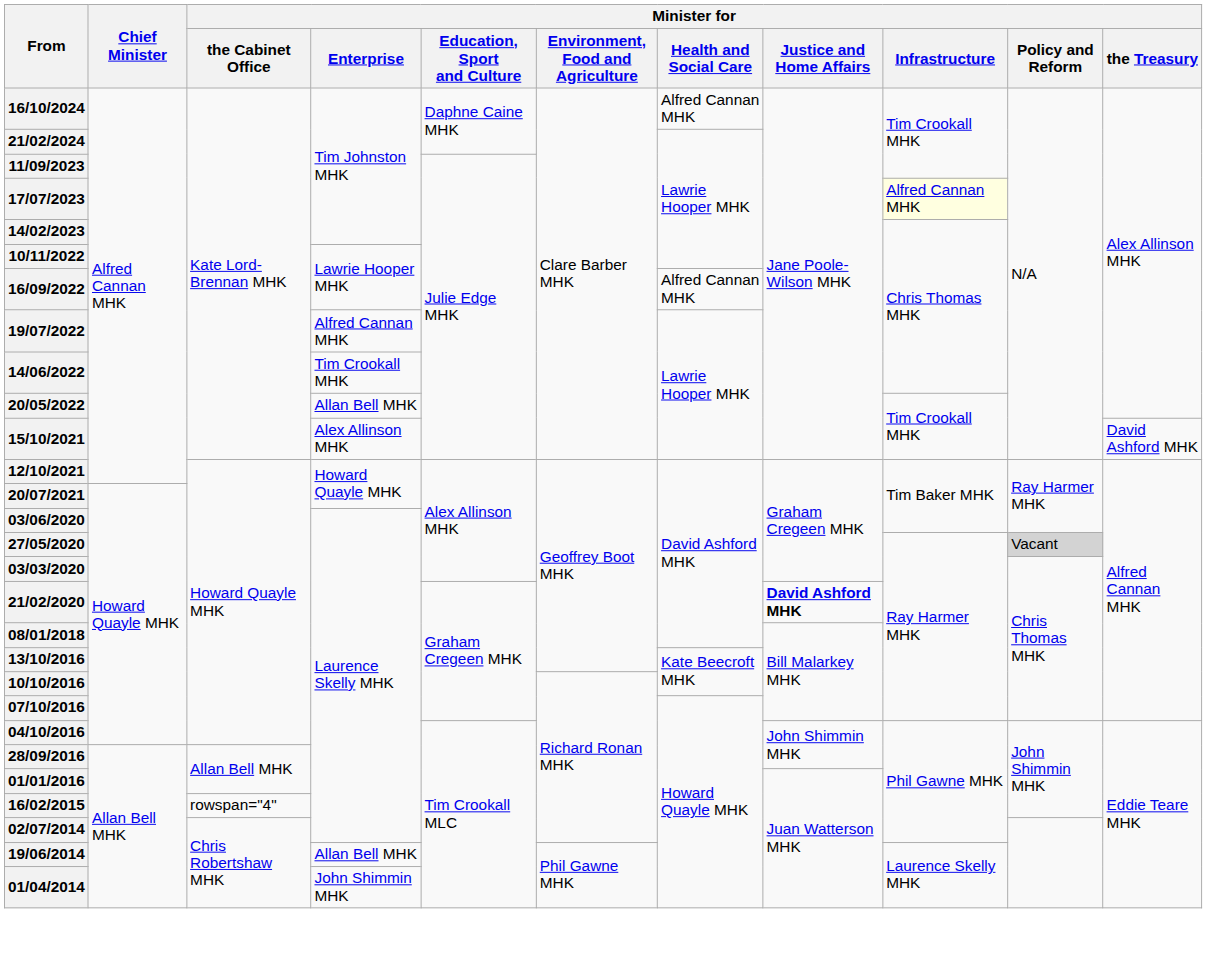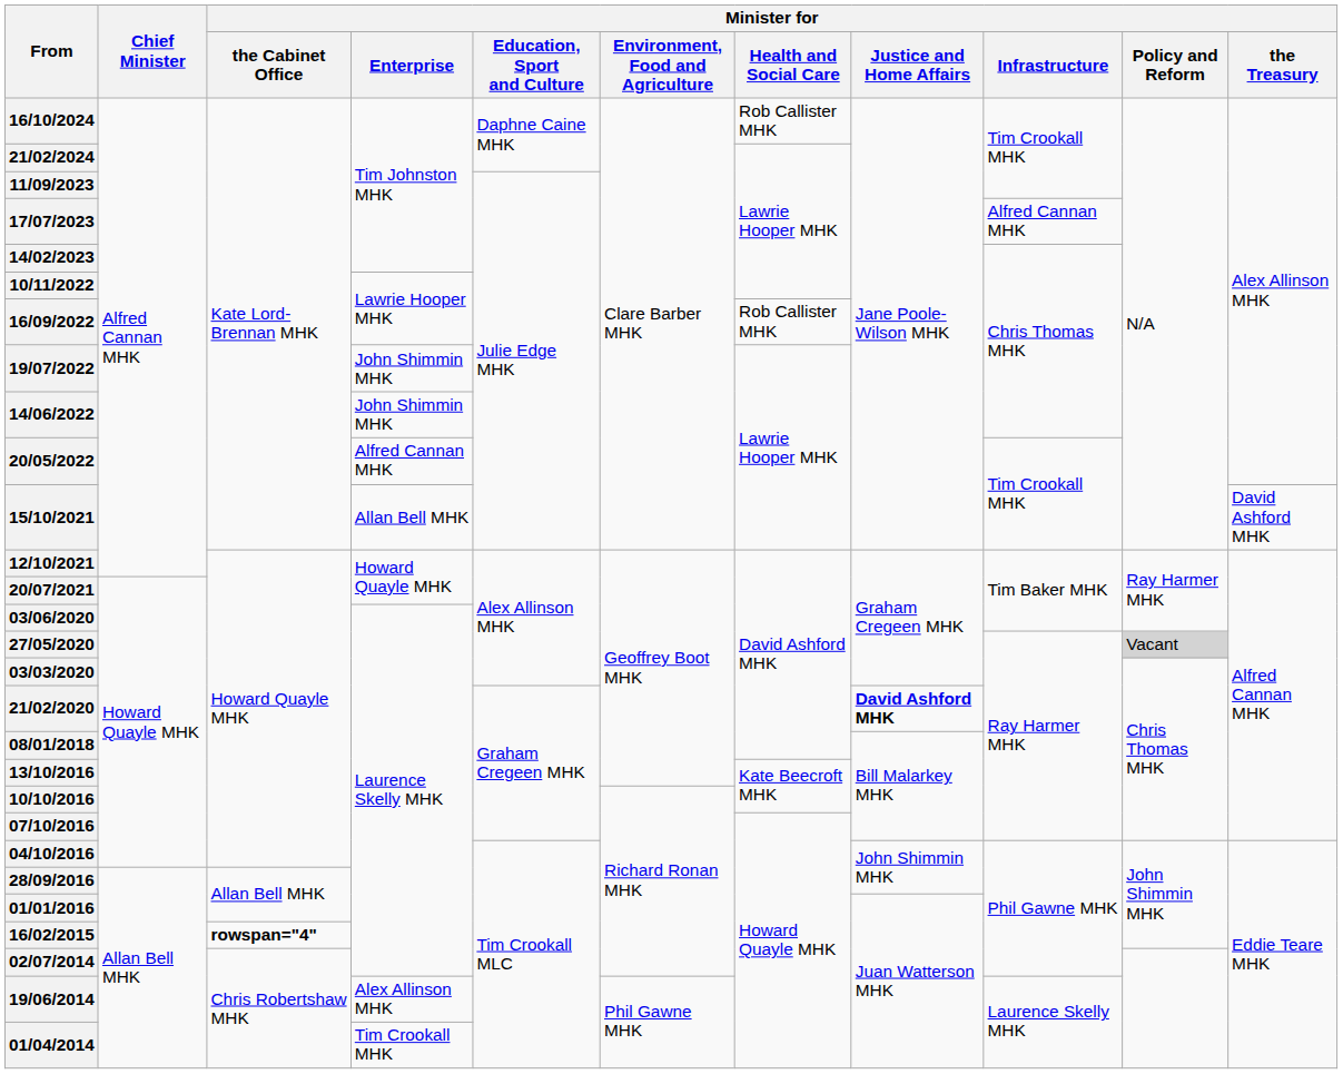 <table class="wikitable">
 <tr>
 <th rowspan=2>From</th>
 <th rowspan=2><a href='#'>Chief Minister</a></th>
 <th colspan=9>Minister for</th>
 </tr>
 <tr>
 <th>the Cabinet Office</th>
 <th><a href='#'>Enterprise</a></th>
 <th><a href='#'>Education, Sport<br>and Culture</a></th>
 <th><a href='#'>Environment,<br>Food and<br>Agriculture</a></th>
 <th><a href='#'>Health and Social Care</a></th>
 <th><a href='#'>Justice and Home Affairs</a></th>
 <th><a href='#'>Infrastructure</a></th>
 <th>Policy and Reform</th>
 <th>the <a href='#'>Treasury</a></th>
 </tr>
 <tr>
 <th>16/10/2024</th>
 <td rowspan="12"><a href='#'>Alfred Cannan</a> MHK</td>
 <td rowspan="11"><a href='#'>Kate Lord-Brennan</a> MHK</td>
 <td rowspan="5"><a href='#'>Tim Johnston</a> MHK</td>
 <td rowspan="2"><a href='#'>Daphne Caine</a> MHK</td>
 <td rowspan="11">Clare Barber MHK</td>
-<td>Alfred Cannan MHK</td>
+<td>Rob Callister MHK</td>
 <td rowspan="11"><a href='#'>Jane Poole-Wilson</a> MHK</td>
 <td rowspan="3"><a href='#'>Tim Crookall</a> MHK</td>
 <td rowspan="11">N/A</td>
 <td rowspan="10"><a href='#'>Alex Allinson</a> MHK</td>
 </tr>
 <tr>
 <th>21/02/2024</th>
 <td rowspan="5"><a href='#'>Lawrie Hooper</a> MHK</td>
 </tr>
 <tr>
 <th>11/09/2023</th>
 <td rowspan="9"><a href='#'>Julie Edge</a> MHK</td>
 </tr>
 <tr>
 <th>17/07/2023</th>
-<td style="background: lightyellow;"><a href='#'>Alfred Cannan</a> MHK</td>
+<td><a href='#'>Alfred Cannan</a> MHK</td>
 </tr>
 <tr>
 <th>14/02/2023</th>
 <td rowspan="5"><a href='#'>Chris Thomas</a> MHK</td>
 </tr>
 <tr>
 <th>10/11/2022</th>
 <td rowspan="2"><a href='#'>Lawrie Hooper</a> MHK</td>
 </tr>
 <tr>
 <th>16/09/2022</th>
-<td>Alfred Cannan MHK</td>
+<td>Rob Callister MHK</td>
 </tr>
 <tr>
 <th>19/07/2022</th>
-<td><a href='#'>Alfred Cannan</a> MHK</td>
+<td><a href='#'>John Shimmin</a> MHK</td>
 <td rowspan="4"><a href='#'>Lawrie Hooper</a> MHK</td>
 </tr>
 <tr>
 <th>14/06/2022</th>
-<td><a href='#'>Tim Crookall</a> MHK</td>
+<td><a href='#'>John Shimmin</a> MHK</td>
 </tr>
 <tr>
 <th>20/05/2022</th>
-<td><a href='#'>Allan Bell</a> MHK</td>
+<td><a href='#'>Alfred Cannan</a> MHK</td>
 <td rowspan="2"><a href='#'>Tim Crookall</a> MHK</td>
 </tr>
 <tr>
 <th>15/10/2021</th>
-<td><a href='#'>Alex Allinson</a> MHK</td>
+<td><a href='#'>Allan Bell</a> MHK</td>
 <td><a href='#'>David Ashford</a> MHK</td>
 </tr>
 <tr>
 <th>12/10/2021</th>
 <td rowspan="11"><a href='#'>Howard Quayle</a> MHK</td>
 <td rowspan="2"><a href='#'>Howard Quayle</a> MHK</td>
 <td rowspan="5"><a href='#'>Alex Allinson</a> MHK</td>
 <td rowspan="8"><a href='#'>Geoffrey Boot</a> MHK</td>
 <td rowspan="7"><a href='#'>David Ashford</a> MHK</td>
 <td rowspan="5"><a href='#'>Graham Cregeen</a> MHK</td>
 <td rowspan="3">Tim Baker MHK</td>
 <td rowspan="3"><a href='#'>Ray Harmer</a> MHK</td>
 <td rowspan="10"><a href='#'>Alfred Cannan</a> MHK</td>
 </tr>
 <tr>
 <th>20/07/2021</th>
 <td rowspan="10"><a href='#'>Howard Quayle</a> MHK</td>
 </tr>
 <tr>
 <th>03/06/2020</th>
 <td rowspan="13"><a href='#'>Laurence Skelly</a> MHK</td>
 </tr>
 <tr>
 <th>27/05/2020</th>
 <td rowspan="7"><a href='#'>Ray Harmer</a> MHK</td>
 <td style="background: lightgrey;">Vacant</td>
 </tr>
 <tr>
 <th>03/03/2020</th>
 <td rowspan="6"><a href='#'>Chris Thomas</a> MHK</td>
 </tr>
 <tr>
 <th>21/02/2020</th>
 <td rowspan="5"><a href='#'>Graham Cregeen</a> MHK</td>
 <td><strong><a href='#'>David Ashford</a> MHK</strong></td>
 </tr>
 <tr>
 <th>08/01/2018</th>
 <td rowspan="4"><a href='#'>Bill Malarkey</a> MHK</td>
 </tr>
 <tr>
 <th>13/10/2016</th>
 <td rowspan="2"><a href='#'>Kate Beecroft</a> MHK</td>
 </tr>
 <tr>
 <th>10/10/2016</th>
 <td rowspan="7"><a href='#'>Richard Ronan</a> MHK</td>
 </tr>
 <tr>
 <th>07/10/2016</th>
 <td rowspan="8"><a href='#'>Howard Quayle</a> MHK</td>
 </tr>
 <tr>
 <th>04/10/2016</th>
 <td rowspan="7"><a href='#'>Tim Crookall</a> MLC </td>
 <td rowspan="2"><a href='#'>John Shimmin</a> MHK</td>
 <td rowspan="5"><a href='#'>Phil Gawne</a> MHK</td>
 <td rowspan="4"><a href='#'>John Shimmin</a> MHK</td>
 <td rowspan="7"><a href='#'>Eddie Teare</a> MHK</td>
 </tr>
 <tr>
 <th>28/09/2016</th>
 <td rowspan="6"><a href='#'>Allan Bell</a> MHK</td>
 <td rowspan="2"><a href='#'>Allan Bell</a> MHK</td>
 </tr>
 <tr>
 <th>01/01/2016</th>
 <td rowspan="5"><a href='#'>Juan Watterson</a> MHK</td>
 </tr>
 <tr>
 <th>16/02/2015</th>
-<td>rowspan="4" </td>
+<td><strong>rowspan="4" </strong></td>
 </tr>
 <tr>
 <th>02/07/2014</th>
 <td rowspan="3"><a href='#'>Chris Robertshaw</a> MHK</td>
 </tr>
 <tr>
 <th>19/06/2014</th>
-<td><a href='#'>Allan Bell</a> MHK</td>
+<td><a href='#'>Alex Allinson</a> MHK</td>
 <td rowspan="2"><a href='#'>Phil Gawne</a> MHK</td>
 <td rowspan="2"><a href='#'>Laurence Skelly</a> MHK</td>
 </tr>
 <tr>
 <th>01/04/2014</th>
-<td><a href='#'>John Shimmin</a> MHK</td>
+<td><a href='#'>Tim Crookall</a> MHK</td>
 </tr>
 </table>
